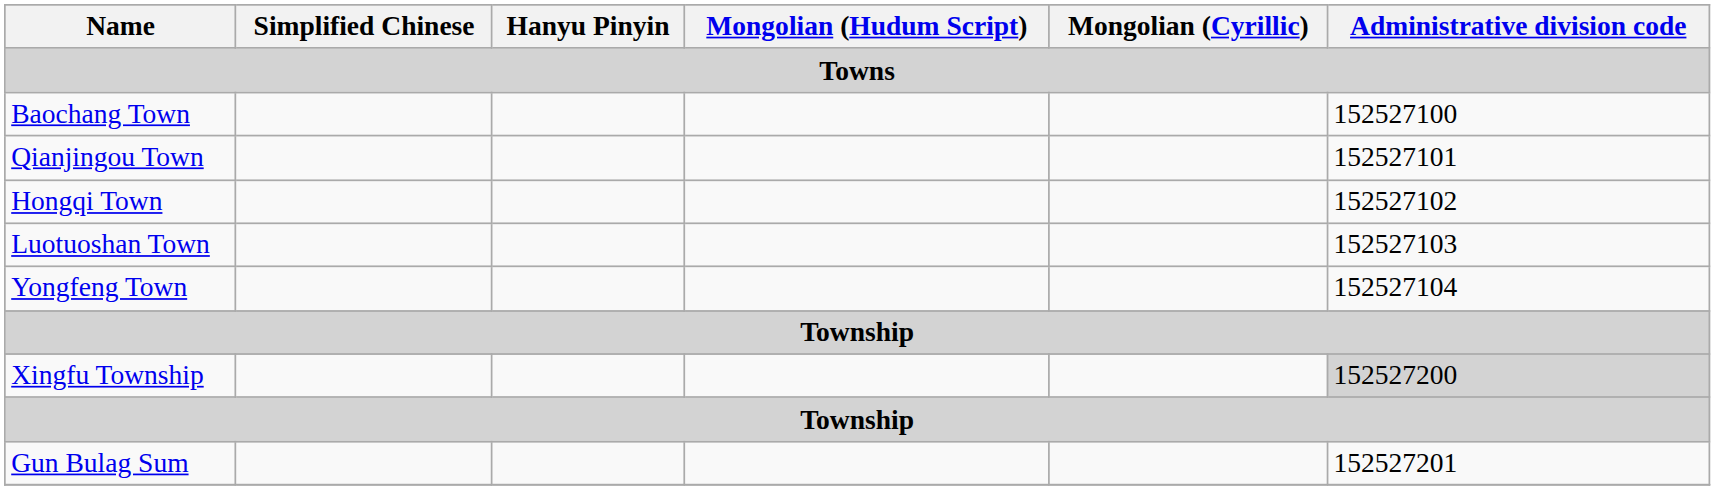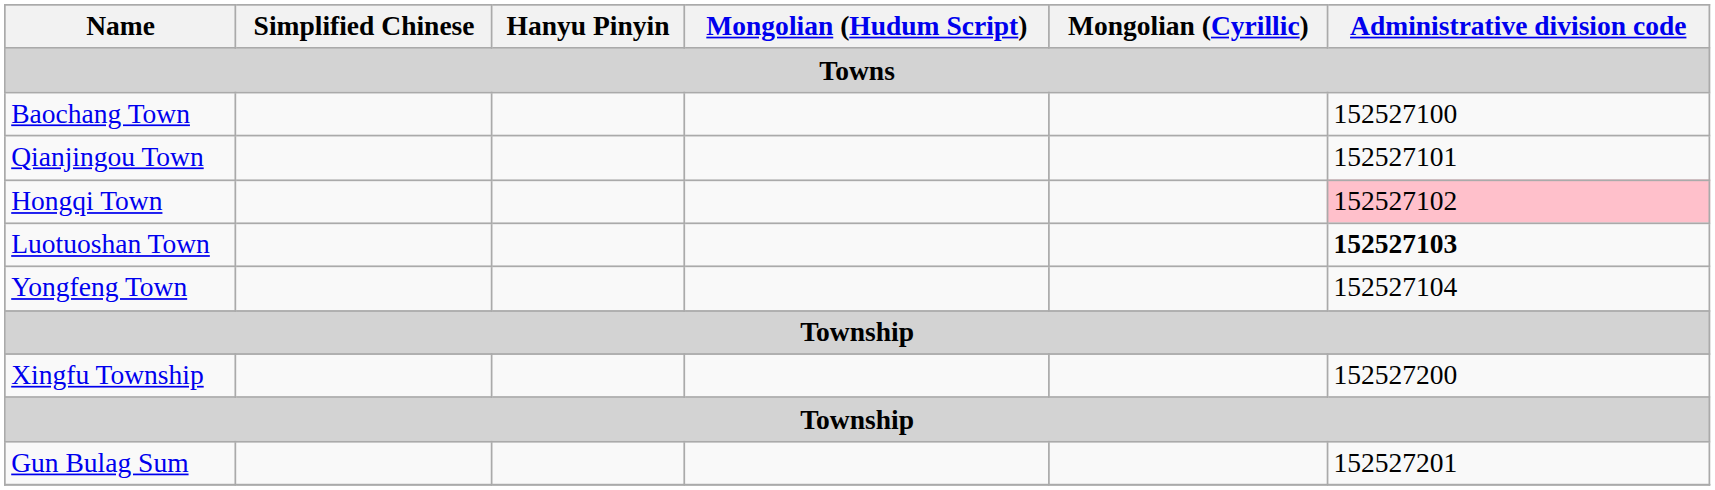 <table class="wikitable" align="center" style="width:50%; border="1">
 <tr>
 <th>Name</th>
 <th>Simplified Chinese</th>
 <th>Hanyu Pinyin</th>
 <th><a href='#'>Mongolian</a> (<a href='#'>Hudum Script</a>)</th>
 <th>Mongolian (<a href='#'>Cyrillic</a>)</th>
 <th><a href='#'>Administrative division code</a></th>
 </tr>
 <tr>
 <td colspan="6"  style="text-align:center; background:#d3d3d3;"><strong>Towns</strong></td>
 </tr>
 <tr --------->
 <td><a href='#'>Baochang Town</a></td>
 <td></td>
 <td></td>
 <td></td>
 <td></td>
 <td>152527100</td>
 </tr>
 <tr>
 <td><a href='#'>Qianjingou Town</a></td>
 <td></td>
 <td></td>
 <td></td>
 <td></td>
 <td>152527101</td>
 </tr>
 <tr>
 <td><a href='#'>Hongqi Town</a></td>
 <td></td>
 <td></td>
 <td></td>
 <td></td>
-<td>152527102</td>
+<td style="background: pink;">152527102</td>
 </tr>
 <tr>
 <td><a href='#'>Luotuoshan Town</a></td>
 <td></td>
 <td></td>
 <td></td>
 <td></td>
-<td>152527103</td>
+<td><strong>152527103</strong></td>
 </tr>
 <tr>
 <td><a href='#'>Yongfeng Town</a></td>
 <td></td>
 <td></td>
 <td></td>
 <td></td>
 <td>152527104</td>
 </tr>
 <tr>
 <td colspan="6"  style="text-align:center; background:#d3d3d3;"><strong>Township</strong></td>
 </tr>
 <tr --------->
 <td><a href='#'>Xingfu Township</a></td>
 <td></td>
 <td></td>
 <td></td>
 <td></td>
-<td style="background: lightgrey;">152527200</td>
+<td>152527200</td>
 </tr>
 <tr>
 <td colspan="6"  style="text-align:center; background:#d3d3d3;"><strong>Township</strong></td>
 </tr>
 <tr --------->
 <td><a href='#'>Gun Bulag Sum</a></td>
 <td></td>
 <td></td>
 <td></td>
 <td></td>
 <td>152527201</td>
 </tr>
 <tr>
 </tr>
 </table>
